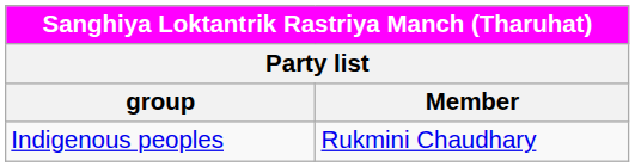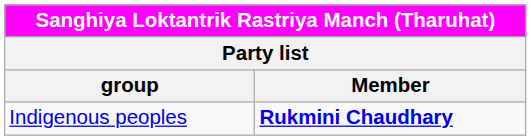 <table role="presentation" class="wikitable mw-collapsible mw-collapsed">
 <tr>
 <th colspan="2" style="width: 300pt; background:#ff00ff; color: white;">Sanghiya Loktantrik Rastriya Manch (Tharuhat)</th>
 </tr>
 <tr>
 <th colspan="2">Party list</th>
 </tr>
 <tr>
 <th> group</th>
 <th>Member</th>
 </tr>
 <tr>
 <td><a href='#'>Indigenous peoples</a></td>
-<td><a href='#'>Rukmini Chaudhary</a></td>
+<td><strong><a href='#'>Rukmini Chaudhary</a></strong></td>
 </tr>
 </table>
